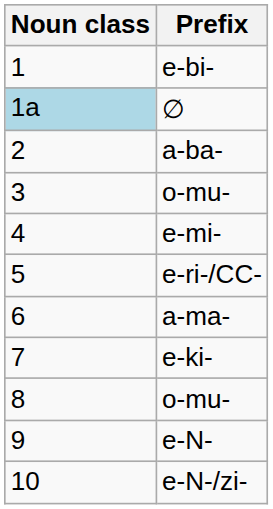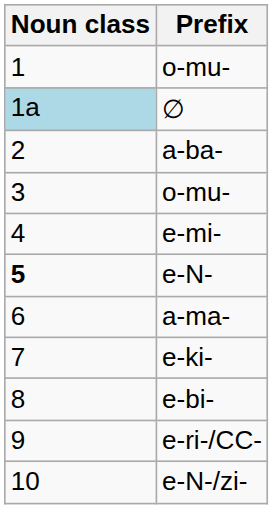 <table class="wikitable sortable">
 <tr>
 <th>Noun class</th>
 <th>Prefix</th>
 </tr>
 <tr>
 <td>1</td>
-<td>e-bi-</td>
+<td>o-mu-</td>
 </tr>
 <tr>
 <td style="background: lightblue;">1a</td>
 <td>∅</td>
 </tr>
 <tr>
 <td>2</td>
 <td>a-ba-</td>
 </tr>
 <tr>
 <td>3</td>
 <td>o-mu-</td>
 </tr>
 <tr>
 <td>4</td>
 <td>e-mi-</td>
 </tr>
 <tr>
-<td>5</td>
-<td>e-ri-/CC-</td>
+<td><strong>5</strong></td>
+<td>e-N-</td>
 </tr>
 <tr>
 <td>6</td>
 <td>a-ma-</td>
 </tr>
 <tr>
 <td>7</td>
 <td>e-ki-</td>
 </tr>
 <tr>
 <td>8</td>
-<td>o-mu-</td>
+<td>e-bi-</td>
 </tr>
 <tr>
 <td>9</td>
-<td>e-N-</td>
+<td>e-ri-/CC-</td>
 </tr>
 <tr>
 <td>10</td>
 <td>e-N-/zi-</td>
 </tr>
 </table>
